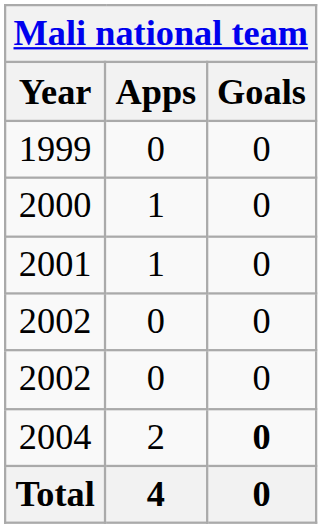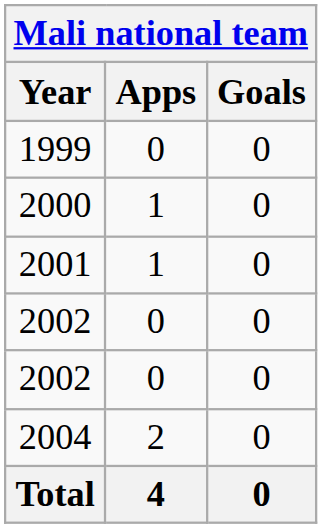 <table class="wikitable" style="text-align:center">
 <tr>
 <th colspan=3><a href='#'>Mali national team</a></th>
 </tr>
 <tr>
 <th>Year</th>
 <th>Apps</th>
 <th>Goals</th>
 </tr>
 <tr>
 <td>1999</td>
 <td>0</td>
 <td>0</td>
 </tr>
 <tr>
 <td>2000</td>
 <td>1</td>
 <td>0</td>
 </tr>
 <tr>
 <td>2001</td>
 <td>1</td>
 <td>0</td>
 </tr>
 <tr>
 <td>2002</td>
 <td>0</td>
 <td>0</td>
 </tr>
 <tr>
 <td>2002</td>
 <td>0</td>
 <td>0</td>
 </tr>
 <tr>
 <td>2004</td>
 <td>2</td>
-<td><strong>0</strong></td>
+<td>0</td>
 </tr>
 <tr>
 <th>Total</th>
 <th>4</th>
 <th>0</th>
 </tr>
 </table>
